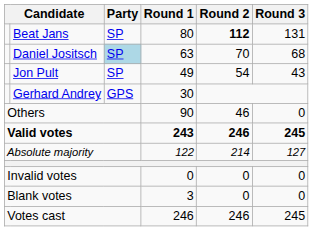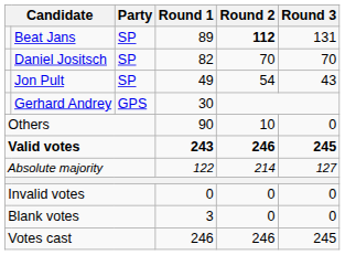 <table class="wikitable" style="text-align:right;">
 <tr>
 <th colspan="2">Candidate</th>
 <th>Party</th>
 <th>Round 1</th>
 <th>Round 2</th>
 <th>Round 3</th>
 </tr>
 <tr>
 <td style="background-color:"></td>
 <td style="text-align:left;"><a href='#'>Beat Jans</a></td>
 <td style="text-align:left;"><a href='#'>SP</a></td>
-<td>80</td>
+<td>89</td>
 <td><strong>112</strong></td>
 <td>131</td>
 </tr>
 <tr>
 <td style="background-color:"></td>
 <td style="text-align:left;"><a href='#'>Daniel Jositsch</a></td>
-<td style="background: lightblue; text-align:left;"><a href='#'>SP</a></td>
-<td>63</td>
+<td style="text-align:left;"><a href='#'>SP</a></td>
+<td>82</td>
 <td>70</td>
-<td>68</td>
+<td>70</td>
 </tr>
 <tr>
 <td style="background-color:"></td>
 <td style="text-align:left;"><a href='#'>Jon Pult</a></td>
 <td style="text-align:left;"><a href='#'>SP</a></td>
 <td>49</td>
 <td>54</td>
 <td>43</td>
 </tr>
 <tr>
 <td style="background-color:"></td>
 <td style="text-align:left;"><a href='#'>Gerhard Andrey</a></td>
 <td style="text-align:left;"><a href='#'>GPS</a></td>
 <td>30</td>
 <td colspan="2"></td>
 </tr>
 <tr>
 <td colspan="3" style="text-align:left;">Others</td>
 <td>90</td>
-<td>46</td>
+<td>10</td>
 <td>0</td>
 </tr>
 <tr style="font-weight:bold;">
 <td colspan="3" style="text-align:left;">Valid votes</td>
 <td>243</td>
 <td>246</td>
 <td>245</td>
 </tr>
 <tr style="font-style:italic; font-size:90%;">
 <td colspan="3" style="text-align:left;">Absolute majority</td>
 <td>122</td>
 <td>214</td>
 <td>127</td>
 </tr>
 <tr>
 <th colspan="12"></th>
 </tr>
 <tr>
 <td colspan="3" style="text-align:left;">Invalid votes</td>
 <td>0</td>
 <td>0</td>
 <td>0</td>
 </tr>
 <tr>
 <td colspan="3" style="text-align:left;">Blank votes</td>
 <td>3</td>
 <td>0</td>
 <td>0</td>
 </tr>
 <tr>
 <td colspan="3" style="text-align:left;">Votes cast</td>
 <td>246</td>
 <td>246</td>
 <td>245</td>
 </tr>
 </table>
